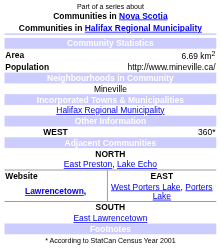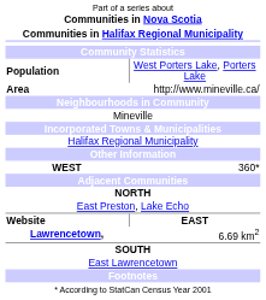 <table align="right" width="275px" class="toccolours" border="0" cellpadding="1" cellspacing="0" style="margin:0 0 1em 1em; border:1px solid #gray; font-size:11px">
 <tr>
 <td align="center" colspan="2"><small>Part of a series about</small> <br> <strong>Communities in <a href='#'>Nova Scotia</a></strong></td>
 </tr>
 <tr>
 <td align="right" width="300px"  colspan="2"></td>
 </tr>
 <tr>
 <td align="center" colspan="2"><strong>Communities in <a href='#'>Halifax Regional Municipality</a></strong></td>
 </tr>
 <tr>
 <td align="center" colspan="2" style="color:white; background-color:#ccccff;"></td>
 </tr>
 <tr>
 <td align="center" colspan="2"></td>
 </tr>
 <tr>
 <td style="background:white; border-top:0px solid gray;" align="left" colspan="2"></td>
 </tr>
 <tr>
 <td align="center" colspan="2" style="color:white; background-color:#ccccff;"><strong><span>Community Statistics</span></strong></td>
 </tr>
 <tr>
-<td align="left"><strong>Area</strong></td>
-<td align="right">6.69 km<sup>2</sup></td>
+<td align="left"><strong>Population</strong></td>
+<td style="border-left:1px solid gray;" align="center" width="137px"><a href='#'>West Porters Lake</a>, <a href='#'>Porters Lake</a></td>
 </tr>
 <tr>
-<td align="left"><strong>Population</strong></td>
+<td align="left"><strong>Area</strong></td>
 <td align="right">http://www.mineville.ca/</td>
 </tr>
 <tr>
 <td align="center" colspan="2" style="color:white; background-color:#ccccff;"><strong><span>Neighbourhoods in Community</span></strong></td>
 </tr>
 <tr>
 <td align="center" colspan="2">Mineville</td>
 </tr>
 <tr>
 <td align="center" colspan="2" style="color:white; background-color:#ccccff;"><strong><span>Incorporated Towns & Municipalities</span></strong></td>
 </tr>
 <tr>
 <td align="center" colspan="2"><a href='#'>Halifax Regional Municipality</a></td>
 </tr>
 <tr>
 <td align="center" colspan="2" style="color:white; background-color:#ccccff;"><strong><span>Other Information</span></strong></td>
 </tr>
 <tr>
 <td align="center" width="137px"><strong>WEST</strong></td>
 <td align="right">360*</td>
 </tr>
 <tr>
 <td align="center" colspan="2" style="color:white; background-color:#ccccff;"><strong><span>Adjacent Communities</span></strong></td>
 </tr>
 <tr>
 <td align="center" colspan="2"><strong>NORTH</strong></td>
 </tr>
 <tr>
 <td style="background:white; border-bottom:1px solid gray;" align="center" colspan="2"><a href='#'>East Preston</a>, <a href='#'>Lake Echo</a></td>
 </tr>
 <tr>
 <td align="left"><strong>Website</strong></td>
 <td style="border-left:1px solid gray;" align="center" width="137px"><strong>EAST</strong></td>
 </tr>
 <tr>
 <td align="center" width="137px"><strong><a href='#'>Lawrencetown</a>,</strong></td>
-<td style="border-left:1px solid gray;" align="center" width="137px"><a href='#'>West Porters Lake</a>, <a href='#'>Porters Lake</a></td>
+<td align="right">6.69 km<sup>2</sup></td>
 </tr>
 <tr>
 <td style="border-top:1px solid gray;" align="center" colspan="2"><strong>SOUTH</strong></td>
 </tr>
 <tr>
 <td align="center" colspan="2"><a href='#'>East Lawrencetown</a></td>
 </tr>
 <tr>
 <td align="center" colspan="2" style="color:white; background-color:#ccccff;"><strong><span>Footnotes</span></strong></td>
 </tr>
 <tr>
 <td align="center" colspan="2"><small>* According to StatCan Census Year 2001</small></td>
 </tr>
 <tr>
 </tr>
 </table>
